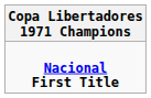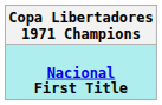 <table class="wikitable" style="text-align: center; margin: 0 auto;">
 <tr>
 <th>Copa Libertadores<br>1971 Champions</th>
 </tr>
 <tr>
-<td><br><strong><a href='#'>Nacional</a></strong><br><strong>First Title</strong></td>
+<td style="background: paleturquoise;"><br><strong><a href='#'>Nacional</a></strong><br><strong>First Title</strong></td>
 </tr>
 </table>
